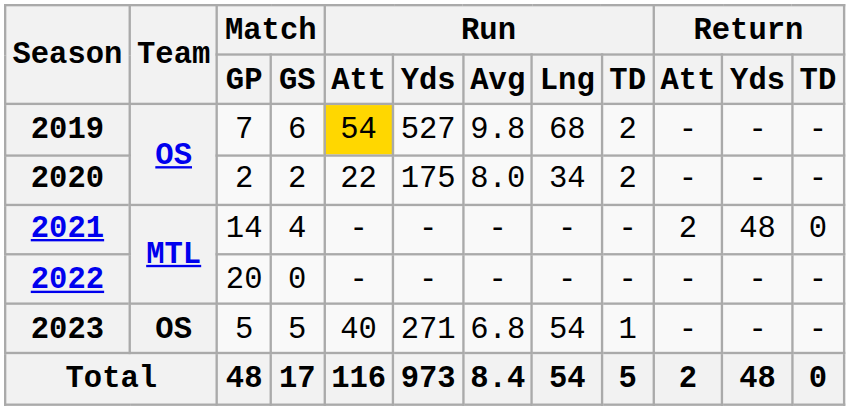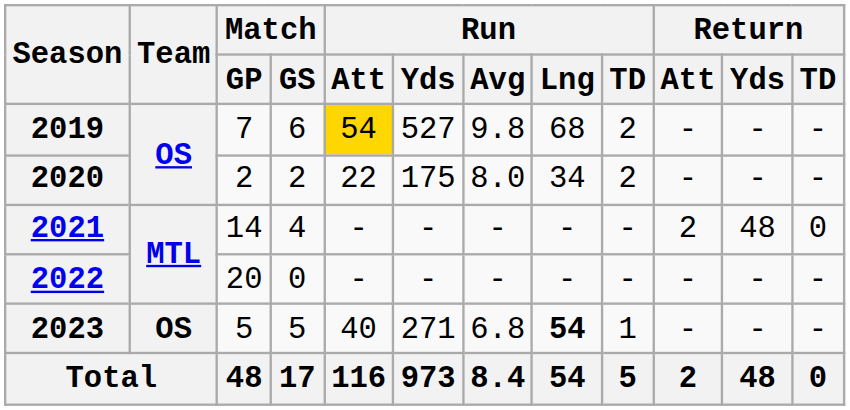 <table class="wikitable" style="text-align: center;">
 <tr>
 <th rowspan="2">Season</th>
 <th rowspan="2">Team</th>
 <th colspan="2">Match</th>
 <th colspan="5">Run</th>
 <th colspan="3">Return</th>
 </tr>
 <tr>
 <th>GP</th>
 <th>GS</th>
 <th>Att</th>
 <th>Yds</th>
 <th>Avg</th>
 <th>Lng</th>
 <th>TD</th>
 <th>Att</th>
 <th>Yds</th>
 <th>TD</th>
 </tr>
 <tr>
 <th>2019</th>
 <th rowspan="2"><a href='#'>OS</a></th>
 <td>7</td>
 <td>6</td>
 <td style="background: gold;">54</td>
 <td>527</td>
 <td>9.8</td>
 <td>68</td>
 <td>2</td>
 <td>-</td>
 <td>-</td>
 <td>-</td>
 </tr>
 <tr>
 <th>2020</th>
 <td>2</td>
 <td>2</td>
 <td>22</td>
 <td>175</td>
 <td>8.0</td>
 <td>34</td>
 <td>2</td>
 <td>-</td>
 <td>-</td>
 <td>-</td>
 </tr>
 <tr>
 <th><a href='#'>2021</a></th>
 <th rowspan="2"><a href='#'>MTL</a></th>
 <td>14</td>
 <td>4</td>
 <td>-</td>
 <td>-</td>
 <td>-</td>
 <td>-</td>
 <td>-</td>
 <td>2</td>
 <td>48</td>
 <td>0</td>
 </tr>
 <tr>
 <th><a href='#'>2022</a></th>
 <td>20</td>
 <td>0</td>
 <td>-</td>
 <td>-</td>
 <td>-</td>
 <td>-</td>
 <td>-</td>
 <td>-</td>
 <td>-</td>
 <td>-</td>
 </tr>
 <tr>
 <th>2023</th>
 <th>OS</th>
 <td>5</td>
 <td>5</td>
 <td>40</td>
 <td>271</td>
 <td>6.8</td>
-<td>54</td>
+<td><strong>54</strong></td>
 <td>1</td>
 <td>-</td>
 <td>-</td>
 <td>-</td>
 </tr>
 <tr>
 <th colspan="2">Total</th>
 <th>48</th>
 <th>17</th>
 <th>116</th>
 <th>973</th>
 <th>8.4</th>
 <th>54</th>
 <th>5</th>
 <th>2</th>
 <th>48</th>
 <th>0</th>
 </tr>
 </table>
